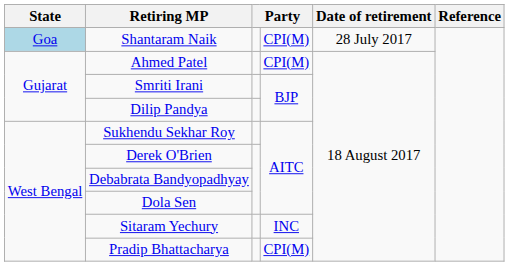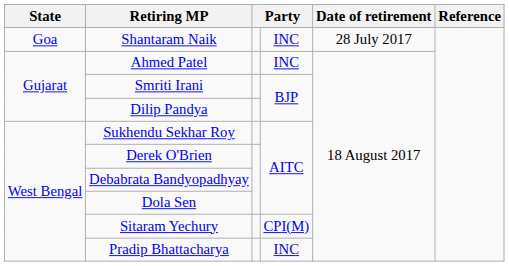 <table class="wikitable">
 <tr>
 <th>State</th>
 <th>Retiring MP</th>
 <th colspan=2>Party</th>
 <th>Date of retirement</th>
 <th>Reference</th>
 </tr>
 <tr style="text-align:center;">
-<td rowspan=1 style="background: lightblue;"><a href='#'>Goa</a></td>
+<td rowspan=1><a href='#'>Goa</a></td>
 <td><a href='#'>Shantaram Naik</a></td>
 <td width="1px"></td>
-<td><a href='#'>CPI(M)</a></td>
+<td><a href='#'>INC</a></td>
 <td>28 July 2017</td>
 <td rowspan=10></td>
 </tr>
 <tr style="text-align:center;">
 <td rowspan=3><a href='#'>Gujarat</a></td>
 <td><a href='#'>Ahmed Patel</a></td>
 <td width="1px"></td>
-<td><a href='#'>CPI(M)</a></td>
+<td><a href='#'>INC</a></td>
 <td rowspan=9>18 August 2017</td>
 </tr>
 <tr style="text-align:center;">
 <td><a href='#'>Smriti Irani</a></td>
 <td width="1px"></td>
 <td rowspan=2><a href='#'>BJP</a></td>
 </tr>
 <tr style="text-align:center;">
 <td><a href='#'>Dilip Pandya</a></td>
 </tr>
 <tr style="text-align:center;">
 <td rowspan=6><a href='#'>West Bengal</a></td>
 <td><a href='#'>Sukhendu Sekhar Roy</a></td>
 <td width="1px"></td>
 <td rowspan=4><a href='#'>AITC</a></td>
 </tr>
 <tr style="text-align:center;">
 <td><a href='#'>Derek O'Brien</a></td>
 </tr>
 <tr style="text-align:center;">
 <td><a href='#'>Debabrata Bandyopadhyay</a></td>
 </tr>
 <tr style="text-align:center;">
 <td><a href='#'>Dola Sen</a></td>
 </tr>
 <tr style="text-align:center;">
 <td><a href='#'>Sitaram Yechury</a></td>
 <td width="1px"></td>
-<td><a href='#'>INC</a></td>
+<td><a href='#'>CPI(M)</a></td>
 </tr>
 <tr style="text-align:center;">
 <td><a href='#'>Pradip Bhattacharya</a></td>
 <td width="1px"></td>
-<td><a href='#'>CPI(M)</a></td>
+<td><a href='#'>INC</a></td>
 </tr>
 </table>
